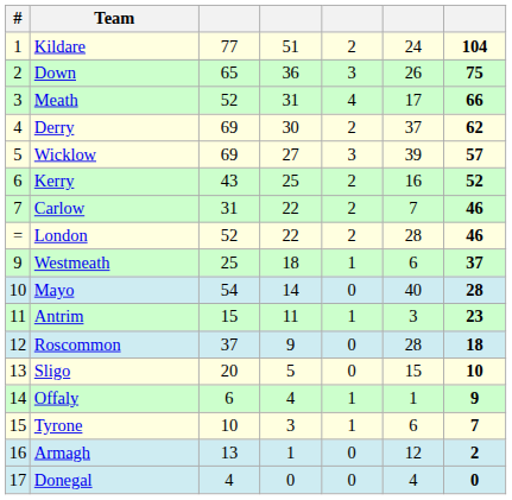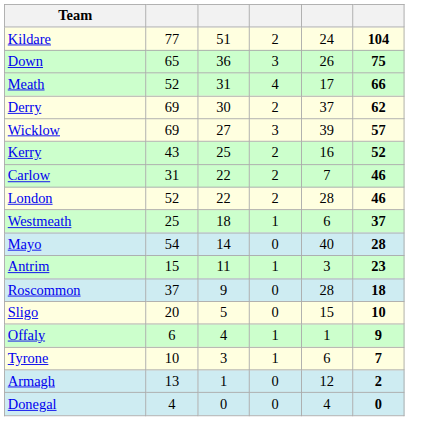 <table class="wikitable sortable">
 <tr>
-<th>#</th>
 <th width="150">Team</th>
 <th width="50"></th>
 <th width="50"></th>
 <th width="50"></th>
 <th width="50"></th>
 <th width="50"></th>
 </tr>
 <tr style="background:#FFFFE0">
-<td align="center">1</td>
 <td> <a href='#'>Kildare</a></td>
 <td align="center">77</td>
 <td align="center">51</td>
 <td align="center">2</td>
 <td align="center">24</td>
 <td align="center"><strong>104</strong></td>
 </tr>
 <tr style="background:#ccffcc">
-<td align="center">2</td>
 <td> <a href='#'>Down</a></td>
 <td align="center">65</td>
 <td align="center">36</td>
 <td align="center">3</td>
 <td align="center">26</td>
 <td align="center"><strong>75</strong></td>
 </tr>
 <tr style="background:#ccffcc">
-<td align="center">3</td>
 <td> <a href='#'>Meath</a></td>
 <td align="center">52</td>
 <td align="center">31</td>
 <td align="center">4</td>
 <td align="center">17</td>
 <td align="center"><strong>66</strong></td>
 </tr>
 <tr style="background:#FFFFE0">
-<td align="center">4</td>
 <td> <a href='#'>Derry</a></td>
 <td align="center">69</td>
 <td align="center">30</td>
 <td align="center">2</td>
 <td align="center">37</td>
 <td align="center"><strong>62</strong></td>
 </tr>
 <tr style="background:#FFFFE0">
-<td align="center">5</td>
 <td> <a href='#'>Wicklow</a></td>
 <td align="center">69</td>
 <td align="center">27</td>
 <td align="center">3</td>
 <td align="center">39</td>
 <td align="center"><strong>57</strong></td>
 </tr>
 <tr style="background:#ccffcc">
-<td align="center">6</td>
 <td> <a href='#'>Kerry</a></td>
 <td align="center">43</td>
 <td align="center">25</td>
 <td align="center">2</td>
 <td align="center">16</td>
 <td align="center"><strong>52</strong></td>
 </tr>
 <tr style="background:#ccffcc">
-<td align="center">7</td>
 <td> <a href='#'>Carlow</a></td>
 <td align="center">31</td>
 <td align="center">22</td>
 <td align="center">2</td>
 <td align="center">7</td>
 <td align="center"><strong>46</strong></td>
 </tr>
 <tr style="background:#FFFFE0">
-<td align="center">=</td>
 <td> <a href='#'>London</a></td>
 <td align="center">52</td>
 <td align="center">22</td>
 <td align="center">2</td>
 <td align="center">28</td>
 <td align="center"><strong>46</strong></td>
 </tr>
 <tr style="background:#ccffcc">
-<td align="center">9</td>
 <td> <a href='#'>Westmeath</a></td>
 <td align="center">25</td>
 <td align="center">18</td>
 <td align="center">1</td>
 <td align="center">6</td>
 <td align="center"><strong>37</strong></td>
 </tr>
 <tr style="background:#CEECF2">
-<td align="center">10</td>
 <td> <a href='#'>Mayo</a></td>
 <td align="center">54</td>
 <td align="center">14</td>
 <td align="center">0</td>
 <td align="center">40</td>
 <td align="center"><strong>28</strong></td>
 </tr>
 <tr style="background:#ccffcc">
-<td align="center">11</td>
 <td> <a href='#'>Antrim</a></td>
 <td align="center">15</td>
 <td align="center">11</td>
 <td align="center">1</td>
 <td align="center">3</td>
 <td align="center"><strong>23</strong></td>
 </tr>
 <tr style="background:#CEECF2">
-<td align="center">12</td>
 <td> <a href='#'>Roscommon</a></td>
 <td align="center">37</td>
 <td align="center">9</td>
 <td align="center">0</td>
 <td align="center">28</td>
 <td align="center"><strong>18</strong></td>
 </tr>
 <tr style="background:#FFFFE0">
-<td align="center">13</td>
 <td> <a href='#'>Sligo</a></td>
 <td align="center">20</td>
 <td align="center">5</td>
 <td align="center">0</td>
 <td align="center">15</td>
 <td align="center"><strong>10</strong></td>
 </tr>
 <tr style="background:#ccffcc">
-<td align="center">14</td>
 <td> <a href='#'>Offaly</a></td>
 <td align="center">6</td>
 <td align="center">4</td>
 <td align="center">1</td>
 <td align="center">1</td>
 <td align="center"><strong>9</strong></td>
 </tr>
 <tr style="background:#FFFFE0">
-<td align="center">15</td>
 <td> <a href='#'>Tyrone</a></td>
 <td align="center">10</td>
 <td align="center">3</td>
 <td align="center">1</td>
 <td align="center">6</td>
 <td align="center"><strong>7</strong></td>
 </tr>
 <tr style="background:#CEECF2">
-<td align="center">16</td>
 <td> <a href='#'>Armagh</a></td>
 <td align="center">13</td>
 <td align="center">1</td>
 <td align="center">0</td>
 <td align="center">12</td>
 <td align="center"><strong>2</strong></td>
 </tr>
 <tr style="background:#CEECF2">
-<td align="center">17</td>
 <td> <a href='#'>Donegal</a></td>
 <td align="center">4</td>
 <td align="center">0</td>
 <td align="center">0</td>
 <td align="center">4</td>
 <td align="center"><strong>0</strong></td>
 </tr>
 </table>
